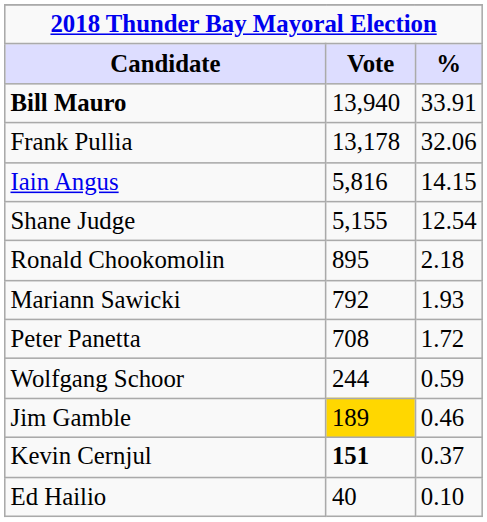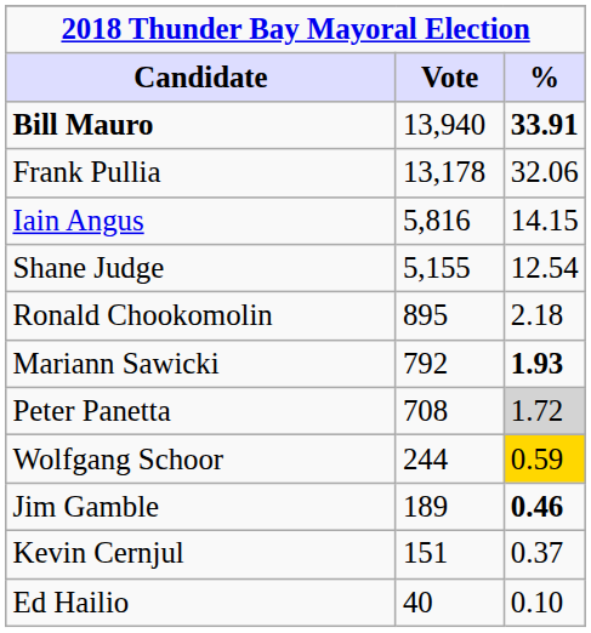 <table class="wikitable sortable">
 <tr style="background-color:#E9E9E9">
 </tr>
 <tr>
 <td colspan="3" style="text-align:center;"><strong><a href='#'>2018 Thunder Bay Mayoral Election</a></strong></td>
 </tr>
 <tr>
 <th style="background:#ddf; width:200px;">Candidate</th>
 <th style="background:#ddf; width:50px;">Vote</th>
 <th style="background:#ddf; width:30px;">%</th>
 </tr>
 <tr>
 <td><strong>Bill Mauro</strong></td>
 <td>13,940</td>
-<td>33.91</td>
+<td><strong>33.91</strong></td>
 </tr>
 <tr>
 <td>Frank Pullia</td>
 <td>13,178</td>
 <td>32.06</td>
 </tr>
 <tr>
 <td><a href='#'>Iain Angus</a></td>
 <td>5,816</td>
 <td>14.15</td>
 </tr>
 <tr>
 <td>Shane Judge</td>
 <td>5,155</td>
 <td>12.54</td>
 </tr>
 <tr>
 <td>Ronald Chookomolin</td>
 <td>895</td>
 <td>2.18</td>
 </tr>
 <tr>
 <td>Mariann Sawicki</td>
 <td>792</td>
-<td>1.93</td>
+<td><strong>1.93</strong></td>
 </tr>
 <tr>
 <td>Peter Panetta</td>
 <td>708</td>
-<td>1.72</td>
+<td style="background: lightgrey;">1.72</td>
 </tr>
 <tr>
 <td>Wolfgang Schoor</td>
 <td>244</td>
-<td>0.59</td>
+<td style="background: gold;">0.59</td>
 </tr>
 <tr>
 <td>Jim Gamble</td>
-<td style="background: gold;">189</td>
-<td>0.46</td>
+<td>189</td>
+<td><strong>0.46</strong></td>
 </tr>
 <tr>
 <td>Kevin Cernjul</td>
-<td><strong>151</strong></td>
+<td>151</td>
 <td>0.37</td>
 </tr>
 <tr>
 <td>Ed Hailio</td>
 <td>40</td>
 <td>0.10</td>
 </tr>
 </table>
